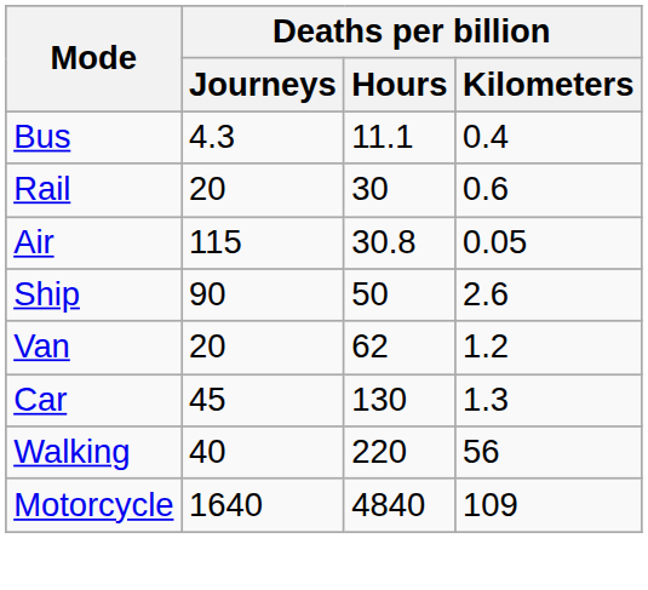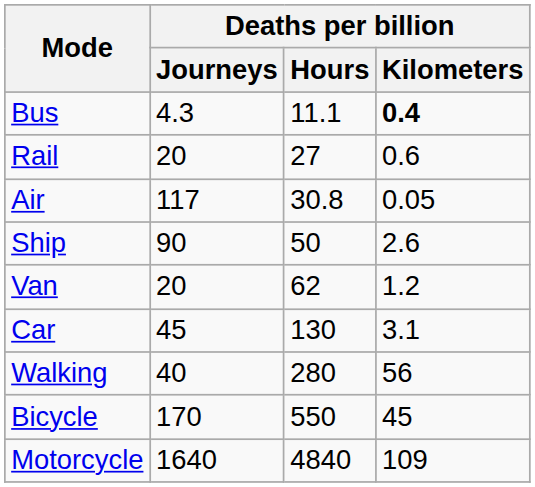 <table class="wikitable sortable">
 <tr>
 <th rowspan=2>Mode</th>
 <th colspan=3>Deaths per billion</th>
 </tr>
 <tr>
 <th>Journeys</th>
 <th>Hours</th>
 <th>Kilometers</th>
 </tr>
 <tr>
 <td><a href='#'>Bus</a></td>
 <td>4.3</td>
 <td>11.1</td>
-<td>0.4</td>
+<td><strong>0.4</strong></td>
 </tr>
 <tr>
 <td><a href='#'>Rail</a></td>
 <td>20</td>
-<td>30</td>
+<td>27</td>
 <td>0.6</td>
 </tr>
 <tr>
 <td><a href='#'>Air</a></td>
-<td>115</td>
+<td>117</td>
 <td>30.8</td>
 <td>0.05</td>
 </tr>
 <tr>
 <td><a href='#'>Ship</a></td>
 <td>90</td>
 <td>50</td>
 <td>2.6</td>
 </tr>
 <tr>
 <td><a href='#'>Van</a></td>
 <td>20</td>
 <td>62</td>
 <td>1.2</td>
 </tr>
 <tr>
 <td><a href='#'>Car</a></td>
 <td>45</td>
 <td>130</td>
-<td>1.3</td>
+<td>3.1</td>
 </tr>
 <tr>
 <td><a href='#'>Walking</a></td>
 <td>40</td>
-<td>220</td>
+<td>280</td>
 <td>56</td>
+</tr>
+<tr>
+<td><a href='#'>Bicycle</a></td>
+<td>170</td>
+<td>550</td>
+<td>45</td>
 </tr>
 <tr>
 <td><a href='#'>Motorcycle</a></td>
 <td>1640</td>
 <td>4840</td>
 <td>109</td>
 </tr>
 </table>
